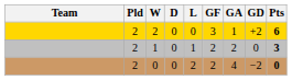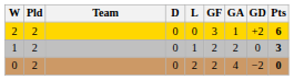 <table class="wikitable" style="text-align: center;">
 <tr>
+<th width=20>W</th>
+<th width=20>Pld</th>
 <th width=165>Team</th>
-<th width=20>Pld</th>
-<th width=20>W</th>
 <th width=20>D</th>
 <th width=20>L</th>
 <th width=20>GF</th>
 <th width=20>GA</th>
 <th width=20>GD</th>
 <th width=20>Pts</th>
 </tr>
 <tr bgcolor=gold>
-<td align="left"></td>
 <td>2</td>
 <td>2</td>
+<td align="left"></td>
 <td>0</td>
 <td>0</td>
 <td>3</td>
 <td>1</td>
 <td>+2</td>
 <td><strong>6</strong></td>
 </tr>
 <tr bgcolor=silver>
+<td>1</td>
+<td>2</td>
 <td align="left"></td>
-<td>2</td>
-<td>1</td>
 <td>0</td>
 <td>1</td>
 <td>2</td>
 <td>2</td>
 <td>0</td>
 <td><strong>3</strong></td>
 </tr>
 <tr bgcolor=#cc9966>
+<td>0</td>
+<td>2</td>
 <td align="left"></td>
-<td>2</td>
-<td>0</td>
 <td>0</td>
 <td>2</td>
 <td>2</td>
 <td>4</td>
 <td>−2</td>
 <td><strong>0</strong></td>
 </tr>
 </table>
